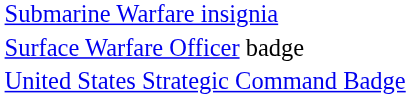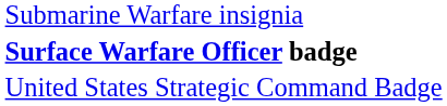 <table>
 <tr>
 <td> <a href='#'>Submarine Warfare insignia</a></td>
 </tr>
 <tr>
-<td> <a href='#'>Surface Warfare Officer</a> badge</td>
+<td><strong> <a href='#'>Surface Warfare Officer</a> badge</strong></td>
 </tr>
 <tr>
 <td> <a href='#'>United States Strategic Command Badge</a></td>
 </tr>
 </table>
